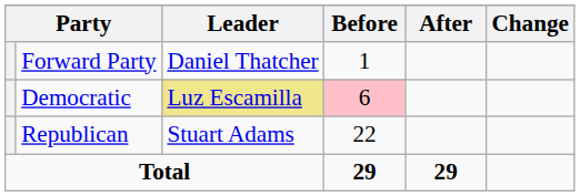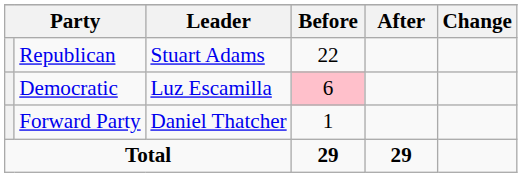 <table class="wikitable" style="text-align:center;">
 <tr>
 </tr>
 <tr>
 <th colspan="2">Party</th>
 <th>Leader</th>
 <th style="width:3em">Before</th>
 <th style="width:3em">After</th>
 <th style="width:3em">Change</th>
 </tr>
 <tr>
 <th style="background-color:"></th>
-<td style="text-align:left;"><a href='#'>Forward Party</a></td>
-<td style="text-align:left;"><a href='#'>Daniel Thatcher</a></td>
-<td>1</td>
+<td style="text-align:left;"><a href='#'>Republican</a></td>
+<td style="text-align:left;"><a href='#'>Stuart Adams</a></td>
+<td>22</td>
 <td></td>
 <td></td>
 </tr>
 <tr>
 <th style="background-color:"></th>
 <td style="text-align:left;"><a href='#'>Democratic</a></td>
-<td style="background: khaki; text-align:left;"><a href='#'>Luz Escamilla</a></td>
+<td style="text-align:left;"><a href='#'>Luz Escamilla</a></td>
 <td style="background: pink;">6</td>
 <td></td>
 <td></td>
 </tr>
 <tr>
 <th style="background-color:"></th>
-<td style="text-align:left;"><a href='#'>Republican</a></td>
-<td style="text-align:left;"><a href='#'>Stuart Adams</a></td>
-<td>22</td>
+<td style="text-align:left;"><a href='#'>Forward Party</a></td>
+<td style="text-align:left;"><a href='#'>Daniel Thatcher</a></td>
+<td>1</td>
 <td></td>
 <td></td>
 </tr>
 <tr>
 <td colspan="3"><strong>Total</strong></td>
 <td><strong>29</strong></td>
 <td><strong>29</strong></td>
 <td></td>
 </tr>
 </table>
